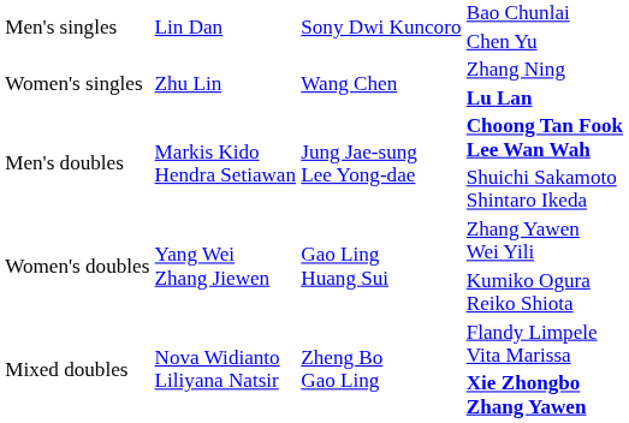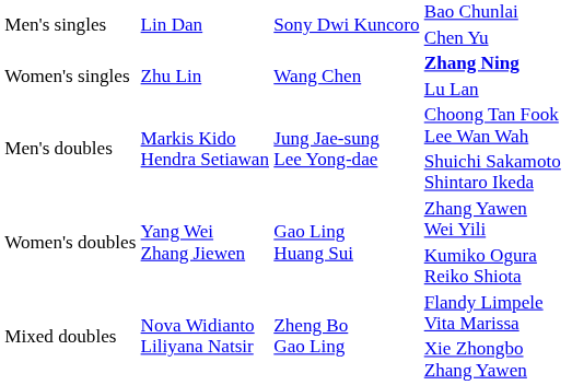 <table>
 <tr>
 <td rowspan="2">Men's singles<br></td>
 <td rowspan="2"> <a href='#'>Lin Dan</a></td>
 <td rowspan="2"> <a href='#'>Sony Dwi Kuncoro</a></td>
 <td> <a href='#'>Bao Chunlai</a></td>
 </tr>
 <tr>
 <td> <a href='#'>Chen Yu</a></td>
 </tr>
 <tr>
 <td rowspan="2">Women's singles<br></td>
 <td rowspan="2"> <a href='#'>Zhu Lin</a></td>
 <td rowspan="2"> <a href='#'>Wang Chen</a></td>
-<td> <a href='#'>Zhang Ning</a></td>
+<td><strong> <a href='#'>Zhang Ning</a></strong></td>
 </tr>
 <tr>
-<td><strong> <a href='#'>Lu Lan</a></strong></td>
+<td> <a href='#'>Lu Lan</a></td>
 </tr>
 <tr>
 <td rowspan="2">Men's doubles<br></td>
 <td rowspan="2"> <a href='#'>Markis Kido</a><br> <a href='#'>Hendra Setiawan</a></td>
 <td rowspan="2"> <a href='#'>Jung Jae-sung</a><br> <a href='#'>Lee Yong-dae</a></td>
-<td><strong> <a href='#'>Choong Tan Fook</a><br> <a href='#'>Lee Wan Wah</a></strong></td>
+<td> <a href='#'>Choong Tan Fook</a><br> <a href='#'>Lee Wan Wah</a></td>
 </tr>
 <tr>
 <td> <a href='#'>Shuichi Sakamoto</a><br> <a href='#'>Shintaro Ikeda</a></td>
 </tr>
 <tr>
 <td rowspan="2">Women's doubles<br></td>
 <td rowspan="2"> <a href='#'>Yang Wei</a><br> <a href='#'>Zhang Jiewen</a></td>
 <td rowspan="2"> <a href='#'>Gao Ling</a><br> <a href='#'>Huang Sui</a></td>
 <td> <a href='#'>Zhang Yawen</a><br> <a href='#'>Wei Yili</a></td>
 </tr>
 <tr>
 <td> <a href='#'>Kumiko Ogura</a><br> <a href='#'>Reiko Shiota</a></td>
 </tr>
 <tr>
 <td rowspan="2">Mixed doubles<br></td>
 <td rowspan="2"> <a href='#'>Nova Widianto</a><br> <a href='#'>Liliyana Natsir</a></td>
 <td rowspan="2"> <a href='#'>Zheng Bo</a><br> <a href='#'>Gao Ling</a></td>
 <td> <a href='#'>Flandy Limpele</a><br> <a href='#'>Vita Marissa</a></td>
 </tr>
 <tr ā>
-<td><strong> <a href='#'>Xie Zhongbo</a><br> <a href='#'>Zhang Yawen</a></strong></td>
+<td> <a href='#'>Xie Zhongbo</a><br> <a href='#'>Zhang Yawen</a></td>
 </tr>
 </table>
